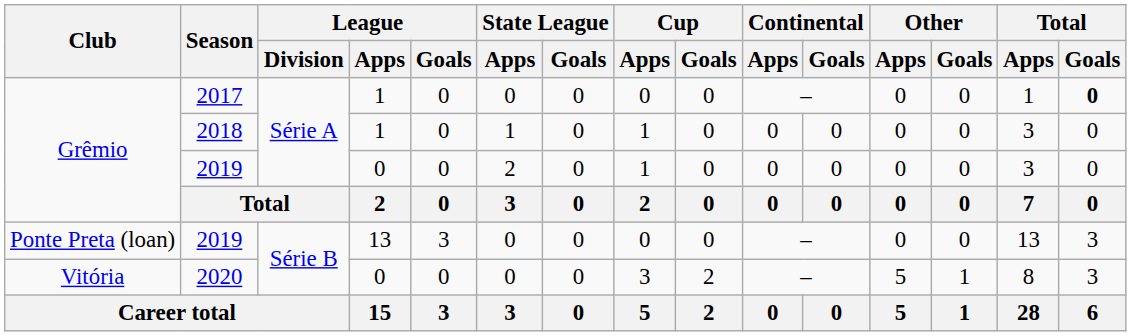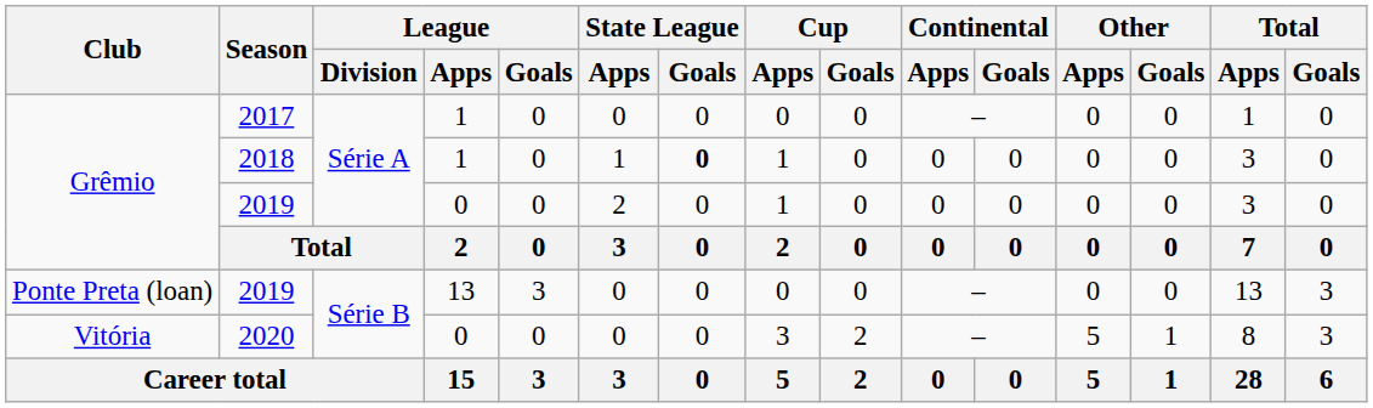 <table class="wikitable" style="text-align: center">
 <tr>
 <th rowspan="2">Club</th>
 <th rowspan="2">Season</th>
 <th colspan="3">League</th>
 <th colspan="2">State League</th>
 <th colspan="2">Cup</th>
 <th colspan="2">Continental</th>
 <th colspan="2">Other</th>
 <th colspan="2">Total</th>
 </tr>
 <tr>
 <th>Division</th>
 <th>Apps</th>
 <th>Goals</th>
 <th>Apps</th>
 <th>Goals</th>
 <th>Apps</th>
 <th>Goals</th>
 <th>Apps</th>
 <th>Goals</th>
 <th>Apps</th>
 <th>Goals</th>
 <th>Apps</th>
 <th>Goals</th>
 </tr>
 <tr>
 <td rowspan="4"><a href='#'>Grêmio</a></td>
 <td><a href='#'>2017</a></td>
 <td rowspan="3"><a href='#'>Série A</a></td>
 <td>1</td>
 <td>0</td>
 <td>0</td>
 <td>0</td>
 <td>0</td>
 <td>0</td>
 <td colspan="2">–</td>
 <td>0</td>
 <td>0</td>
 <td>1</td>
-<td><strong>0</strong></td>
+<td>0</td>
 </tr>
 <tr>
 <td><a href='#'>2018</a></td>
 <td>1</td>
 <td>0</td>
 <td>1</td>
-<td>0</td>
+<td><strong>0</strong></td>
 <td>1</td>
 <td>0</td>
 <td>0</td>
 <td>0</td>
 <td>0</td>
 <td>0</td>
 <td>3</td>
 <td>0</td>
 </tr>
 <tr>
 <td><a href='#'>2019</a></td>
 <td>0</td>
 <td>0</td>
 <td>2</td>
 <td>0</td>
 <td>1</td>
 <td>0</td>
 <td>0</td>
 <td>0</td>
 <td>0</td>
 <td>0</td>
 <td>3</td>
 <td>0</td>
 </tr>
 <tr>
 <th colspan="2"><strong>Total</strong></th>
 <th>2</th>
 <th>0</th>
 <th>3</th>
 <th>0</th>
 <th>2</th>
 <th>0</th>
 <th>0</th>
 <th>0</th>
 <th>0</th>
 <th>0</th>
 <th>7</th>
 <th>0</th>
 </tr>
 <tr>
 <td><a href='#'>Ponte Preta</a> (loan)</td>
 <td><a href='#'>2019</a></td>
 <td rowspan="2"><a href='#'>Série B</a></td>
 <td>13</td>
 <td>3</td>
 <td>0</td>
 <td>0</td>
 <td>0</td>
 <td>0</td>
 <td colspan="2">–</td>
 <td>0</td>
 <td>0</td>
 <td>13</td>
 <td>3</td>
 </tr>
 <tr>
 <td><a href='#'>Vitória</a></td>
 <td><a href='#'>2020</a></td>
 <td>0</td>
 <td>0</td>
 <td>0</td>
 <td>0</td>
 <td>3</td>
 <td>2</td>
 <td colspan="2">–</td>
 <td>5</td>
 <td>1</td>
 <td>8</td>
 <td>3</td>
 </tr>
 <tr>
 <th colspan="3"><strong>Career total</strong></th>
 <th>15</th>
 <th>3</th>
 <th>3</th>
 <th>0</th>
 <th>5</th>
 <th>2</th>
 <th>0</th>
 <th>0</th>
 <th>5</th>
 <th>1</th>
 <th>28</th>
 <th>6</th>
 </tr>
 </table>
